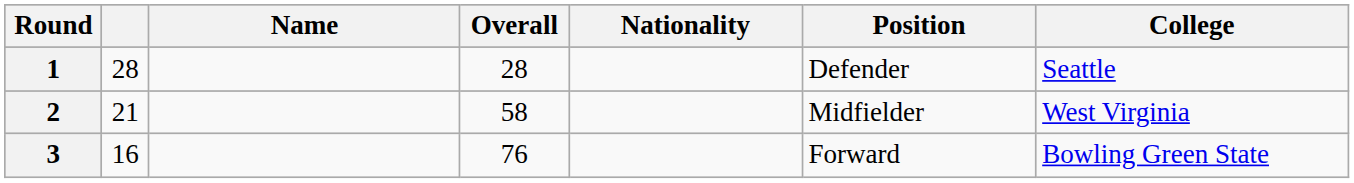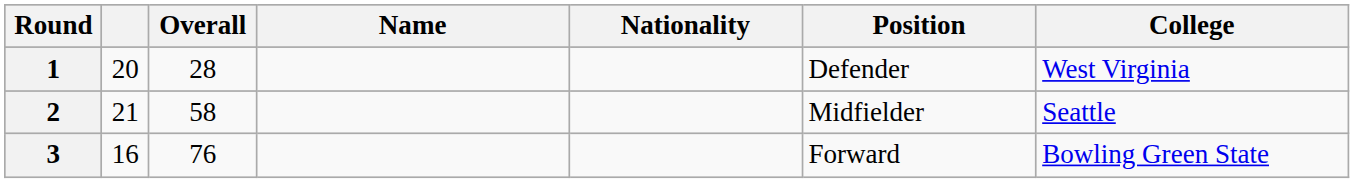 <table class="wikitable sortable" style="width:90%">
 <tr>
 <th scope="col" style="width: 3%;">Round</th>
 <th scope="col" style="width: 3%;"></th>
+<th scope="col" style="width: 4%;">Overall</th>
 <th scope="col" style="width: 20%;">Name</th>
-<th scope="col" style="width: 4%;">Overall</th>
 <th scope="col" style="width: 15%;">Nationality</th>
 <th scope="col" style="width: 15%;">Position</th>
 <th scope="col" style="width: 20%;">College</th>
 </tr>
 <tr>
 <th scope="row">1</th>
+<td align="center">20</td>
 <td align="center">28</td>
 <td></td>
-<td align="center">28</td>
 <td></td>
 <td>Defender</td>
-<td><a href='#'>Seattle</a></td>
+<td><a href='#'>West Virginia</a></td>
 </tr>
 <tr>
 <th scope="row">2</th>
 <td align="center">21</td>
-<td></td>
 <td align="center">58</td>
 <td></td>
+<td></td>
 <td>Midfielder</td>
-<td><a href='#'>West Virginia</a></td>
+<td><a href='#'>Seattle</a></td>
 </tr>
 <tr>
 <th scope="row">3</th>
 <td align="center">16</td>
+<td align="center">76</td>
 <td></td>
-<td align="center">76</td>
 <td></td>
 <td>Forward</td>
 <td><a href='#'>Bowling Green State</a></td>
 </tr>
 </table>
